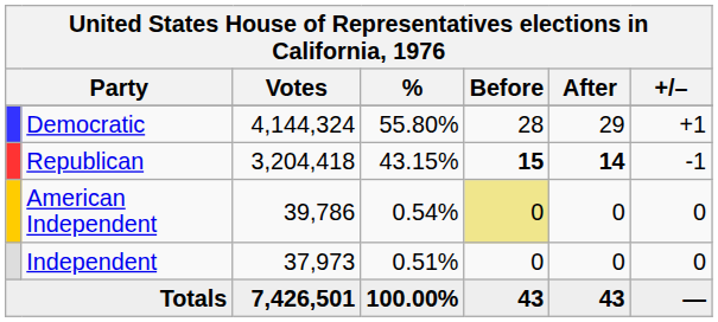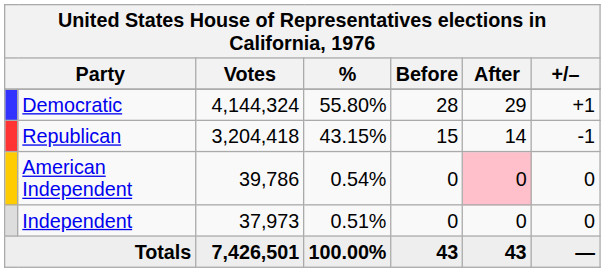 <table class="wikitable" style="font-size: 95%;">
 <tr>
 <th colspan="7">United States House of Representatives elections in California, 1976</th>
 </tr>
 <tr>
 <th colspan=2 style="width: 5em">Party</th>
 <th style="width: 5em">Votes</th>
 <th style="width: 3em">%</th>
 <th style="width: 3em">Before</th>
 <th style="width: 3em">After</th>
 <th style="width: 3em">+/–</th>
 </tr>
 <tr>
 </tr>
 <tr>
 <th style="background-color:#3333FF; width: 3px"></th>
 <td style="width: 130px"><a href='#'>Democratic</a></td>
 <td align="right">4,144,324</td>
 <td align="right">55.80%</td>
 <td align="right">28</td>
 <td align="right">29</td>
 <td align="right">+1</td>
 </tr>
 <tr>
 <th style="background-color:#FF3333; width: 3px"></th>
 <td style="width: 130px"><a href='#'>Republican</a></td>
 <td align="right">3,204,418</td>
 <td align="right">43.15%</td>
-<td align="right"><strong>15</strong></td>
-<td align="right"><strong>14</strong></td>
+<td align="right">15</td>
+<td align="right">14</td>
 <td align="right">-1</td>
 </tr>
 <tr>
 <th style="background-color:#FFCC00; width: 3px"></th>
 <td style="width: 130px"><a href='#'>American Independent</a></td>
 <td align="right">39,786</td>
 <td align="right">0.54%</td>
-<td align="right" style="background: khaki;">0</td>
 <td align="right">0</td>
+<td align="right" style="background: pink;">0</td>
 <td align="right">0</td>
 </tr>
 <tr>
 <th style="background-color:#DDDDDD; width: 3px"></th>
 <td style="width: 130px"><a href='#'>Independent</a></td>
 <td align="right">37,973</td>
 <td align="right">0.51%</td>
 <td align="right">0</td>
 <td align="right">0</td>
 <td align="right">0</td>
 </tr>
 <tr bgcolor="#EEEEEE">
 <td colspan="2" align="right"><strong>Totals</strong></td>
 <td align="right"><strong>7,426,501</strong></td>
 <td align="right"><strong>100.00%</strong></td>
 <td align="right"><strong>43</strong></td>
 <td align="right"><strong>43</strong></td>
 <td align="right"><strong>—</strong></td>
 </tr>
 </table>
